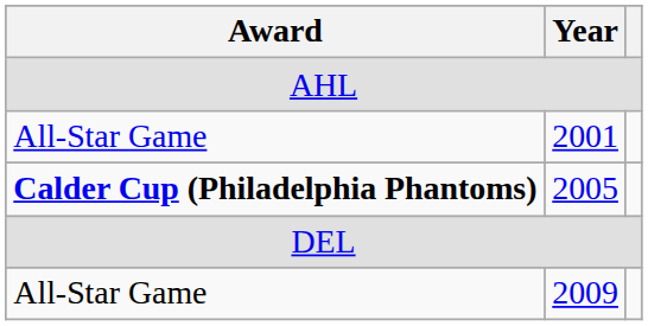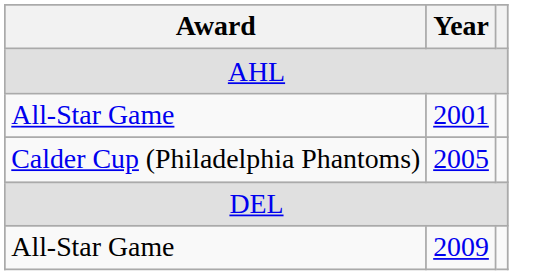 <table class="wikitable">
 <tr>
 <th>Award</th>
 <th>Year</th>
 <th></th>
 </tr>
 <tr ALIGN="center" bgcolor="#e0e0e0">
 <td colspan="3"><a href='#'>AHL</a></td>
 </tr>
 <tr>
 <td><a href='#'>All-Star Game</a></td>
 <td><a href='#'>2001</a></td>
 <td></td>
 </tr>
 <tr>
-<td><strong><a href='#'>Calder Cup</a> (Philadelphia Phantoms)</strong></td>
+<td><a href='#'>Calder Cup</a> (Philadelphia Phantoms)</td>
 <td><a href='#'>2005</a></td>
 <td></td>
 </tr>
 <tr ALIGN="center" bgcolor="#e0e0e0">
 <td colspan="3"><a href='#'>DEL</a></td>
 </tr>
 <tr>
 <td>All-Star Game</td>
 <td><a href='#'>2009</a></td>
 <td></td>
 </tr>
 </table>
